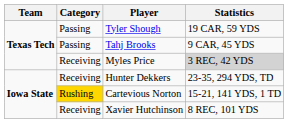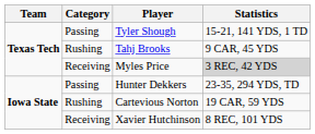 <table class="wikitable" style="float: right;">
 <tr>
 <th>Team</th>
 <th>Category</th>
 <th>Player</th>
 <th>Statistics</th>
 </tr>
 <tr>
 <td rowspan=3><strong>Texas Tech</strong></td>
 <td>Passing</td>
 <td><a href='#'>Tyler Shough</a></td>
-<td>19 CAR, 59 YDS</td>
+<td>15-21, 141 YDS, 1 TD</td>
 </tr>
 <tr>
-<td>Passing</td>
+<td>Rushing</td>
 <td><a href='#'>Tahj Brooks</a></td>
 <td>9 CAR, 45 YDS</td>
 </tr>
 <tr>
 <td>Receiving</td>
 <td>Myles Price</td>
 <td style="background: lightgrey;">3 REC, 42 YDS</td>
 </tr>
 <tr>
 <td rowspan=3><strong>Iowa State</strong></td>
-<td>Receiving</td>
+<td>Passing</td>
 <td>Hunter Dekkers</td>
 <td>23-35, 294 YDS, TD</td>
 </tr>
 <tr>
-<td style="background: gold;">Rushing</td>
+<td>Rushing</td>
 <td>Cartevious Norton</td>
-<td>15-21, 141 YDS, 1 TD</td>
+<td>19 CAR, 59 YDS</td>
 </tr>
 <tr>
 <td>Receiving</td>
 <td>Xavier Hutchinson</td>
 <td>8 REC, 101 YDS</td>
 </tr>
 </table>
